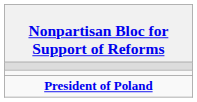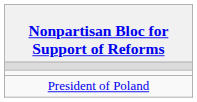 <table class="wikitable" style="font-size:90%; text-align:center;">
 <tr>
 <td style="background:#f1f1f1;" colspan="30"><br><big><strong><a href='#'>Nonpartisan Bloc for Support of Reforms</a></strong></big></td>
 </tr>
 <tr>
 <th style="width:3em; font-size:135%; background:#DCDCDC ; width:200px;"><a href='#'></a></th>
 </tr>
 <tr>
 <td style="text-align:center"></td>
 </tr>
 <tr>
-<td><strong><a href='#'>President of Poland</a><br></strong></td>
+<td><a href='#'>President of Poland</a><br></td>
 </tr>
 </table>
